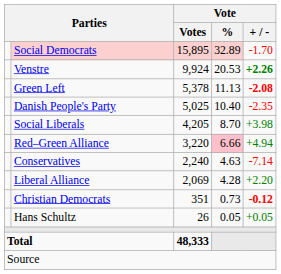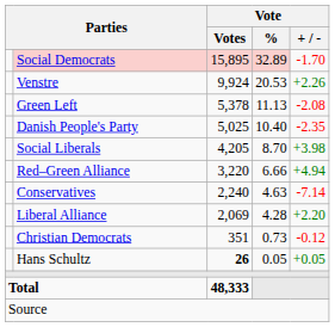 <table class="wikitable" style="text-align:right;">
 <tr>
 <th style="text-align:centre;" rowspan="2" colspan="2" width="225">Parties</th>
 <th colspan="3">Vote</th>
 </tr>
 <tr>
 <th width="15">Votes</th>
 <th width="15">%</th>
 <th width="15">+ / -</th>
 </tr>
 <tr>
 <td width="2" style="color:inherit;background:"></td>
 <td bgcolor=#fbd0ce  align="left"><a href='#'>Social Democrats</a></td>
 <td bgcolor=#fbd0ce>15,895</td>
 <td bgcolor=#fbd0ce>32.89</td>
 <td style=color:red;>-1.70</td>
 </tr>
 <tr>
 <td width="2" style="color:inherit;background:"></td>
 <td align="left"><a href='#'>Venstre</a></td>
 <td>9,924</td>
 <td>20.53</td>
-<td style=color:green;><strong>+2.26</strong></td>
+<td style=color:green;>+2.26</td>
 </tr>
 <tr>
 <td width="2" style="color:inherit;background:"></td>
 <td align="left"><a href='#'>Green Left</a></td>
 <td>5,378</td>
 <td>11.13</td>
-<td style=color:red;><strong>-2.08</strong></td>
+<td style=color:red;>-2.08</td>
 </tr>
 <tr>
 <td width="2" style="color:inherit;background:"></td>
 <td align="left"><a href='#'>Danish People's Party</a></td>
 <td>5,025</td>
 <td>10.40</td>
 <td style=color:red;>-2.35</td>
 </tr>
 <tr>
 <td width="2" style="color:inherit;background:"></td>
 <td align="left"><a href='#'>Social Liberals</a></td>
 <td>4,205</td>
 <td>8.70</td>
 <td style=color:green;>+3.98</td>
 </tr>
 <tr>
 <td width="2" style="color:inherit;background:"></td>
 <td align="left"><a href='#'>Red–Green Alliance</a></td>
 <td>3,220</td>
-<td style="background: pink;">6.66</td>
+<td>6.66</td>
 <td style=color:green;>+4.94</td>
 </tr>
 <tr>
 <td width="2" style="color:inherit;background:"></td>
 <td align="left"><a href='#'>Conservatives</a></td>
 <td>2,240</td>
 <td>4.63</td>
 <td style=color:red;>-7.14</td>
 </tr>
 <tr>
 <td width="2" style="color:inherit;background:"></td>
 <td align="left"><a href='#'>Liberal Alliance</a></td>
 <td>2,069</td>
 <td>4.28</td>
 <td style=color:green;>+2.20</td>
 </tr>
 <tr>
 <td width="2" style="color:inherit;background:"></td>
 <td align="left"><a href='#'>Christian Democrats</a></td>
 <td>351</td>
 <td>0.73</td>
-<td style=color:red;><strong>-0.12</strong></td>
+<td style=color:red;>-0.12</td>
 </tr>
 <tr>
 <td width="2" style="color:inherit;background:"></td>
 <td align="left">Hans Schultz</td>
-<td>26</td>
+<td><strong>26</strong></td>
 <td>0.05</td>
 <td style=color:green;>+0.05</td>
 </tr>
 <tr>
 <td colspan="7" bgcolor="#E9E9E9"></td>
 </tr>
 <tr>
 <td align="left" colspan="2"><strong>Total</strong></td>
 <td><strong>48,333</strong></td>
 <td bgcolor="#E9E9E9" colspan="2"></td>
 </tr>
 <tr>
 <td align="left" colspan="6">Source</td>
 </tr>
 </table>
